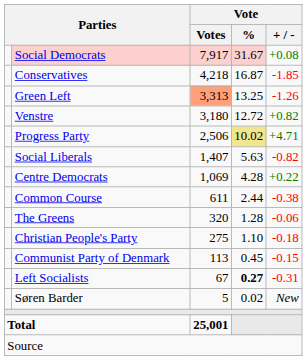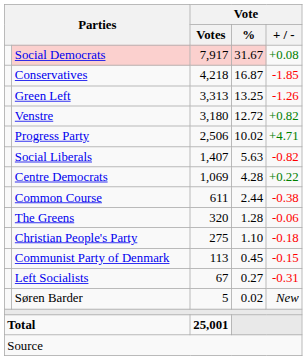 <table class="wikitable" style="text-align:right;">
 <tr>
 <th style="text-align:centre;" rowspan="2" colspan="2" width="225">Parties</th>
 <th colspan="3">Vote</th>
 </tr>
 <tr>
 <th width="15">Votes</th>
 <th width="15">%</th>
 <th width="15">+ / -</th>
 </tr>
 <tr>
 <td width="2" style="color:inherit;background:"></td>
 <td bgcolor=#fbd0ce  align="left"><a href='#'>Social Democrats</a></td>
 <td bgcolor=#fbd0ce>7,917</td>
 <td bgcolor=#fbd0ce>31.67</td>
 <td style=color:green;>+0.08</td>
 </tr>
 <tr>
 <td width="2" style="color:inherit;background:"></td>
 <td align="left"><a href='#'>Conservatives</a></td>
 <td>4,218</td>
 <td>16.87</td>
 <td style=color:red;>-1.85</td>
 </tr>
 <tr>
 <td width="2" style="color:inherit;background:"></td>
 <td align="left"><a href='#'>Green Left</a></td>
-<td style="background: lightsalmon;">3,313</td>
+<td>3,313</td>
 <td>13.25</td>
 <td style=color:red;>-1.26</td>
 </tr>
 <tr>
 <td width="2" style="color:inherit;background:"></td>
 <td align="left"><a href='#'>Venstre</a></td>
 <td>3,180</td>
 <td>12.72</td>
 <td style=color:green;>+0.82</td>
 </tr>
 <tr>
 <td width="2" style="color:inherit;background:"></td>
 <td align="left"><a href='#'>Progress Party</a></td>
 <td>2,506</td>
-<td style="background: khaki;">10.02</td>
+<td>10.02</td>
 <td style=color:green;>+4.71</td>
 </tr>
 <tr>
 <td width="2" style="color:inherit;background:"></td>
 <td align="left"><a href='#'>Social Liberals</a></td>
 <td>1,407</td>
 <td>5.63</td>
 <td style=color:red;>-0.82</td>
 </tr>
 <tr>
 <td width="2" style="color:inherit;background:"></td>
 <td align="left"><a href='#'>Centre Democrats</a></td>
 <td>1,069</td>
 <td>4.28</td>
 <td style=color:green;>+0.22</td>
 </tr>
 <tr>
 <td width="2" style="color:inherit;background:"></td>
 <td align="left"><a href='#'>Common Course</a></td>
 <td>611</td>
 <td>2.44</td>
 <td style=color:red;>-0.38</td>
 </tr>
 <tr>
 <td width="2" style="color:inherit;background:"></td>
 <td align="left"><a href='#'>The Greens</a></td>
 <td>320</td>
 <td>1.28</td>
 <td style=color:red;>-0.06</td>
 </tr>
 <tr>
 <td width="2" style="color:inherit;background:"></td>
 <td align="left"><a href='#'>Christian People's Party</a></td>
 <td>275</td>
 <td>1.10</td>
 <td style=color:red;>-0.18</td>
 </tr>
 <tr>
 <td width="2" style="color:inherit;background:"></td>
 <td align="left"><a href='#'>Communist Party of Denmark</a></td>
 <td>113</td>
 <td>0.45</td>
 <td style=color:red;>-0.15</td>
 </tr>
 <tr>
 <td width="2" style="color:inherit;background:"></td>
 <td align="left"><a href='#'>Left Socialists</a></td>
 <td>67</td>
-<td><strong>0.27</strong></td>
+<td>0.27</td>
 <td style=color:red;>-0.31</td>
 </tr>
 <tr>
 <td width="2" style="color:inherit;background:"></td>
 <td align="left">Søren Barder</td>
 <td>5</td>
 <td>0.02</td>
 <td><em>New</em></td>
 </tr>
 <tr>
 <td colspan="7" bgcolor="#E9E9E9"></td>
 </tr>
 <tr>
 <td align="left" colspan="2"><strong>Total</strong></td>
 <td><strong>25,001</strong></td>
 <td bgcolor="#E9E9E9" colspan="2"></td>
 </tr>
 <tr>
 <td align="left" colspan="6">Source</td>
 </tr>
 </table>
